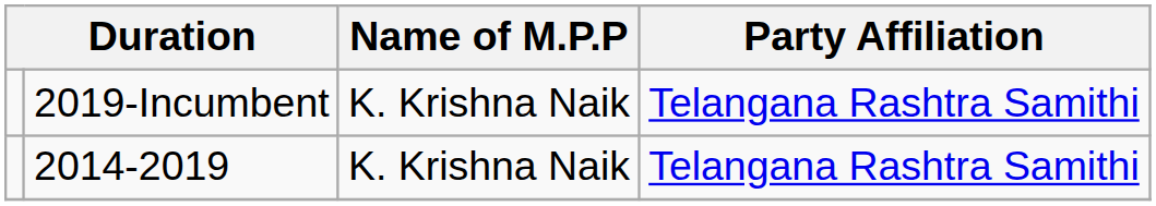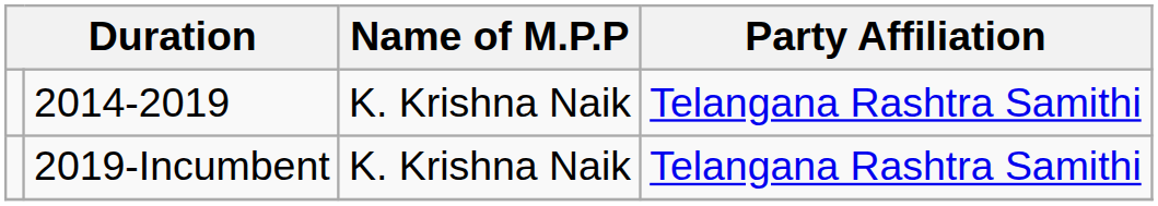 <table class="wikitable">
 <tr>
 <th colspan="2">Duration</th>
 <th>Name of M.P.P</th>
 <th>Party Affiliation</th>
 </tr>
 <tr>
 <td style="background-color: "></td>
+<td>2014-2019</td>
+<td>K. Krishna Naik </td>
+<td><a href='#'>Telangana Rashtra Samithi</a></td>
+</tr>
+<tr>
+<td style="background-color: "></td>
 <td>2019-Incumbent</td>
 <td>K. Krishna Naik</td>
 <td><a href='#'>Telangana Rashtra Samithi</a></td>
 </tr>
 <tr>
-<td style="background-color: "></td>
-<td>2014-2019</td>
-<td>K. Krishna Naik </td>
-<td><a href='#'>Telangana Rashtra Samithi</a></td>
-</tr>
-<tr>
 </tr>
 </table>
